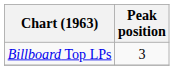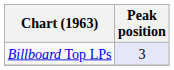 <table class="wikitable">
 <tr>
 <th>Chart (1963)</th>
 <th>Peak<br>position</th>
 </tr>
 <tr>
 <td><a href='#'><em>Billboard</em> Top LPs</a></td>
-<td align="center">3</td>
+<td align="center" style="background: lavender;">3</td>
 </tr>
 <tr>
 </tr>
 </table>
